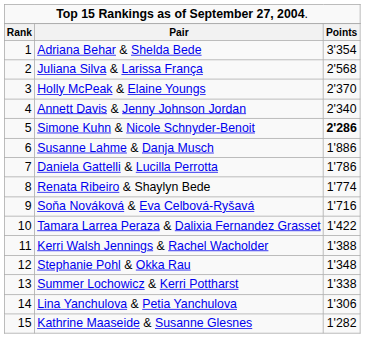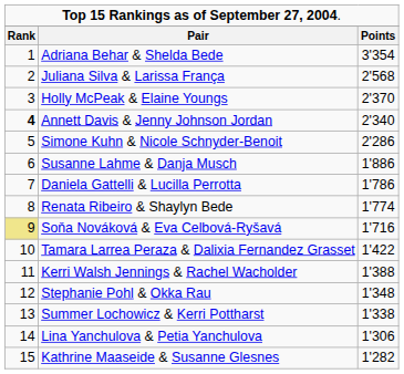 <table class="wikitable">
 <tr>
 <td colspan=4 align="center"><strong>Top 15 Rankings as of September 27, 2004</strong>.</td>
 </tr>
 <tr>
 </tr>
 <tr style="font-size:10pt;font-weight:bold">
 <th>Rank</th>
 <th>Pair</th>
 <th>Points</th>
 </tr>
 <tr>
 <td align=right>1</td>
 <td> <a href='#'>Adriana Behar</a> & <a href='#'>Shelda Bede</a></td>
 <td align=center>3'354</td>
 </tr>
 <tr>
 <td align=right>2</td>
 <td> <a href='#'>Juliana Silva</a> & <a href='#'>Larissa França</a></td>
 <td align=center>2'568</td>
 </tr>
 <tr>
 <td align=right>3</td>
 <td> <a href='#'>Holly McPeak</a> & <a href='#'>Elaine Youngs</a></td>
 <td align=center>2'370</td>
 </tr>
 <tr>
-<td align=right>4</td>
+<td align=right><strong>4</strong></td>
 <td> <a href='#'>Annett Davis</a> & <a href='#'>Jenny Johnson Jordan</a></td>
 <td align=center>2'340</td>
 </tr>
 <tr>
 <td align=right>5</td>
 <td> <a href='#'>Simone Kuhn</a> & <a href='#'>Nicole Schnyder-Benoit</a></td>
-<td align=center><strong>2'286</strong></td>
+<td align=center>2'286</td>
 </tr>
 <tr>
 <td align=right>6</td>
 <td> <a href='#'>Susanne Lahme</a> & <a href='#'>Danja Musch</a></td>
 <td align=center>1'886</td>
 </tr>
 <tr>
 <td align=right>7</td>
 <td> <a href='#'>Daniela Gattelli</a> & <a href='#'>Lucilla Perrotta</a></td>
 <td align=center>1'786</td>
 </tr>
 <tr>
 <td align=right>8</td>
 <td> <a href='#'>Renata Ribeiro</a> & Shaylyn Bede</td>
 <td align=center>1'774</td>
 </tr>
 <tr>
-<td align=right>9</td>
+<td align=right style="background: khaki;">9</td>
 <td> <a href='#'>Soňa Nováková</a> & <a href='#'>Eva Celbová-Ryšavá</a></td>
 <td align=center>1'716</td>
 </tr>
 <tr>
 <td align=right>10</td>
 <td> <a href='#'>Tamara Larrea Peraza</a> & <a href='#'>Dalixia Fernandez Grasset</a></td>
 <td align=center>1'422</td>
 </tr>
 <tr>
 <td align=right>11</td>
 <td> <a href='#'>Kerri Walsh Jennings</a> & <a href='#'>Rachel Wacholder</a></td>
 <td align=center>1'388</td>
 </tr>
 <tr>
 <td align=right>12</td>
 <td> <a href='#'>Stephanie Pohl</a> & <a href='#'>Okka Rau</a></td>
 <td align=center>1'348</td>
 </tr>
 <tr>
 <td align=right>13</td>
 <td> <a href='#'>Summer Lochowicz</a> & <a href='#'>Kerri Pottharst</a></td>
 <td align=center>1'338</td>
 </tr>
 <tr>
 <td align=right>14</td>
 <td> <a href='#'>Lina Yanchulova</a> & <a href='#'>Petia Yanchulova</a></td>
 <td align=center>1'306</td>
 </tr>
 <tr>
 <td align=right>15</td>
 <td> <a href='#'>Kathrine Maaseide</a> & <a href='#'>Susanne Glesnes</a></td>
 <td align=center>1'282</td>
 </tr>
 </table>
